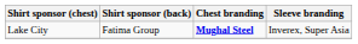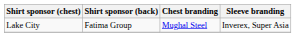 <table class="wikitable"  style="font-size:85%;">
 <tr>
 <th>Shirt sponsor (chest)</th>
 <th>Shirt sponsor (back)</th>
 <th>Chest branding</th>
 <th>Sleeve branding</th>
 </tr>
 <tr>
 <td>Lake City</td>
 <td>Fatima Group</td>
-<td><strong><a href='#'>Mughal Steel</a></strong></td>
+<td><a href='#'>Mughal Steel</a></td>
 <td>Inverex, Super Asia</td>
 </tr>
 <tr>
 </tr>
 </table>
